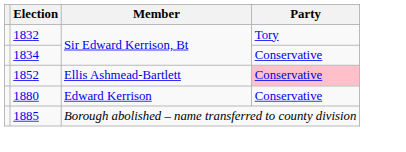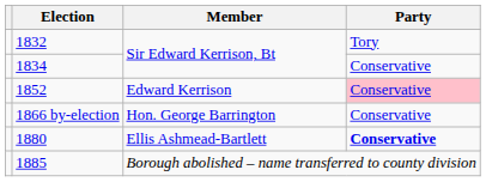 <table class="wikitable">
 <tr>
 <th></th>
 <th>Election</th>
 <th>Member </th>
 <th>Party</th>
 </tr>
 <tr>
 <td style="color:inherit;background-color: "></td>
 <td><a href='#'>1832</a></td>
 <td rowspan ="2"><a href='#'>Sir Edward Kerrison, Bt</a></td>
 <td><a href='#'>Tory</a></td>
 </tr>
 <tr>
 <td style="color:inherit;background-color: "></td>
 <td><a href='#'>1834</a></td>
 <td><a href='#'>Conservative</a></td>
 </tr>
 <tr>
 <td style="color:inherit;background-color: "></td>
 <td><a href='#'>1852</a></td>
-<td><a href='#'>Ellis Ashmead-Bartlett</a></td>
+<td><a href='#'>Edward Kerrison</a></td>
 <td style="background: pink;"><a href='#'>Conservative</a></td>
 </tr>
 <tr>
 <td style="color:inherit;background-color: "></td>
+<td><a href='#'>1866 by-election</a></td>
+<td><a href='#'>Hon. George Barrington</a></td>
+<td><a href='#'>Conservative</a></td>
+</tr>
+<tr>
+<td style="color:inherit;background-color: "></td>
 <td><a href='#'>1880</a></td>
-<td><a href='#'>Edward Kerrison</a></td>
-<td><a href='#'>Conservative</a></td>
+<td><a href='#'>Ellis Ashmead-Bartlett</a></td>
+<td><strong><a href='#'>Conservative</a></strong></td>
 </tr>
 <tr>
 <td></td>
 <td><a href='#'>1885</a></td>
 <td colspan="2"><em>Borough abolished – name transferred to county division</em></td>
 </tr>
 </table>
